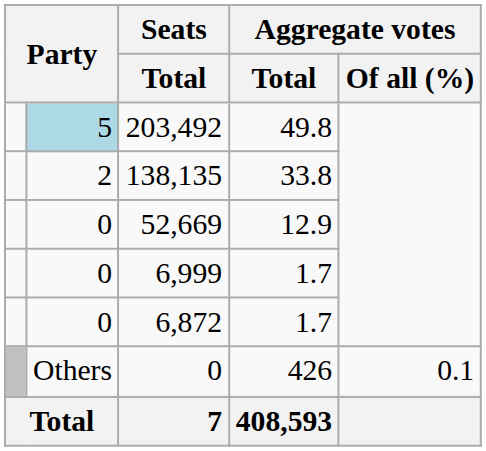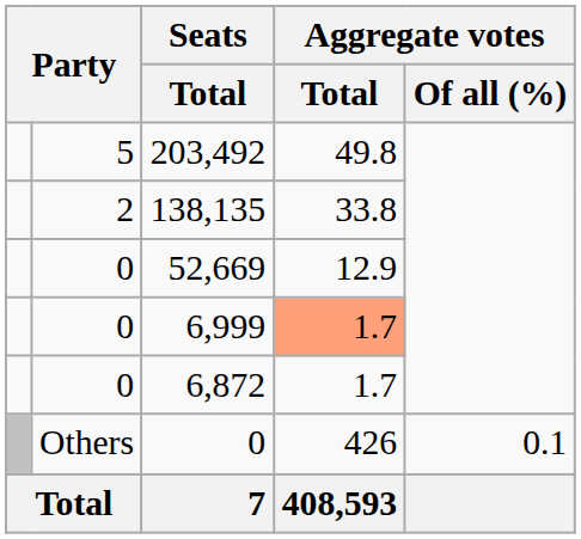 <table class="wikitable" style="text-align:right; font-size:95%;">
 <tr>
 <th colspan="2" rowspan="2">Party</th>
 <th>Seats</th>
 <th colspan="2">Aggregate votes</th>
 </tr>
 <tr>
 <th>Total</th>
 <th>Total</th>
 <th>Of all (%)</th>
 </tr>
 <tr>
 <td></td>
-<td style="background: lightblue;">5</td>
+<td>5</td>
 <td>203,492</td>
 <td>49.8</td>
 </tr>
 <tr>
 <td></td>
 <td>2</td>
 <td>138,135</td>
 <td>33.8</td>
 </tr>
 <tr>
 <td></td>
 <td>0</td>
 <td>52,669</td>
 <td>12.9</td>
 </tr>
 <tr>
 <td></td>
 <td>0</td>
 <td>6,999</td>
-<td>1.7</td>
+<td style="background: lightsalmon;">1.7</td>
 </tr>
 <tr>
 <td></td>
 <td>0</td>
 <td>6,872</td>
 <td>1.7</td>
 </tr>
 <tr>
 <td style="background:silver;"> </td>
 <td align=left>Others</td>
 <td>0</td>
 <td>426</td>
 <td>0.1</td>
 </tr>
 <tr>
 <th colspan="2" style="background:#f2f2f2"><strong>Total</strong></th>
 <td style="background:#f2f2f2;"><strong>7</strong></td>
 <td style="background:#f2f2f2;"><strong>408,593</strong></td>
 <td style="background:#f2f2f2;"></td>
 </tr>
 </table>
